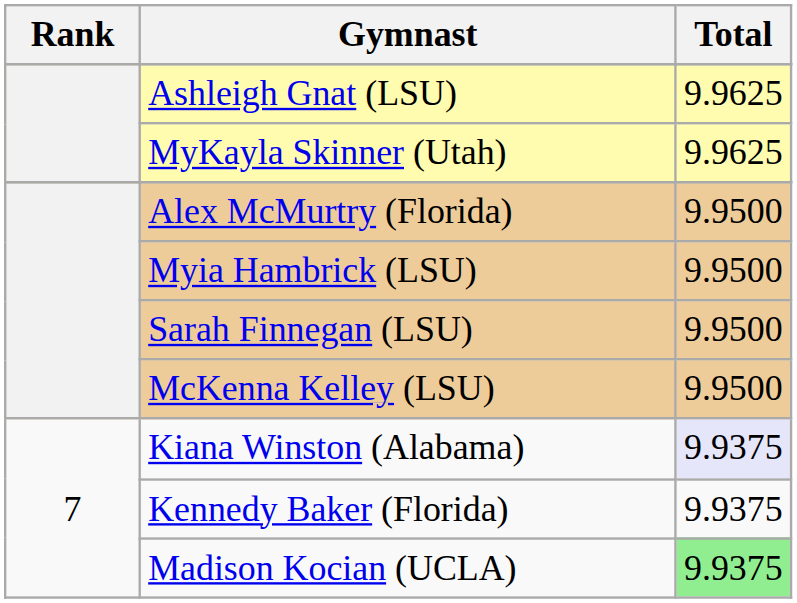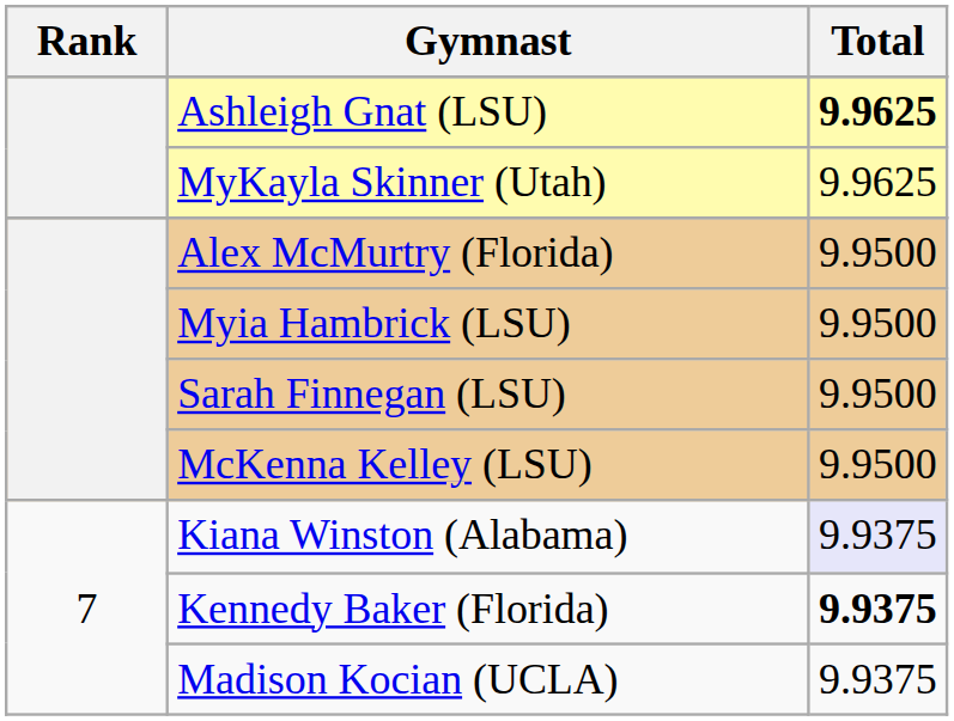 <table class="wikitable sortable" style="text-align:center; font-size:95%">
 <tr>
 <th scope="col" style="width:50px;">Rank</th>
 <th scope="col" style="width:220px;">Gymnast</th>
 <th>Total</th>
 </tr>
 <tr>
 </tr>
 <tr style="background:#fffcaf;">
 <th scope=row style="text-align:center" rowspan="2"></th>
 <td style="text-align:left;"><a href='#'>Ashleigh Gnat</a> (LSU)</td>
-<td>9.9625</td>
+<td><strong>9.9625</strong></td>
 </tr>
 <tr style="background:#fffcaf;">
 <td style="text-align:left;"><a href='#'>MyKayla Skinner</a> (Utah)</td>
 <td>9.9625</td>
 </tr>
 <tr>
 </tr>
 <tr style="background:#ec9;">
 <th scope=row style="text-align:center" rowspan="4"></th>
 <td style="text-align:left;"><a href='#'>Alex McMurtry</a> (Florida)</td>
 <td>9.9500</td>
 </tr>
 <tr style="background:#ec9;">
 <td style="text-align:left;"><a href='#'>Myia Hambrick</a> (LSU)</td>
 <td>9.9500</td>
 </tr>
 <tr style="background:#ec9;">
 <td style="text-align:left;"><a href='#'>Sarah Finnegan</a> (LSU)</td>
 <td>9.9500</td>
 </tr>
 <tr style="background:#ec9;">
 <td style="text-align:left;"><a href='#'>McKenna Kelley</a> (LSU)</td>
 <td>9.9500</td>
 </tr>
 <tr>
 <td rowspan="3">7</td>
 <td style="text-align:left;"><a href='#'>Kiana Winston</a> (Alabama)</td>
 <td style="background: lavender;">9.9375</td>
 </tr>
 <tr>
 <td style="text-align:left;"><a href='#'>Kennedy Baker</a> (Florida)</td>
-<td>9.9375</td>
+<td><strong>9.9375</strong></td>
 </tr>
 <tr>
 <td style="text-align:left;"><a href='#'>Madison Kocian</a> (UCLA)</td>
-<td style="background: lightgreen;">9.9375</td>
+<td>9.9375</td>
 </tr>
 </table>
